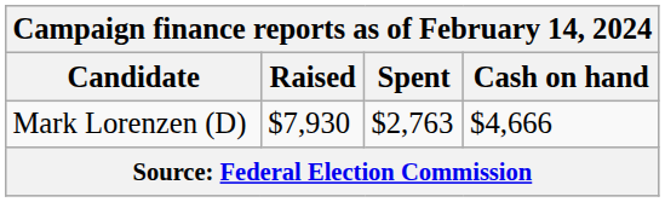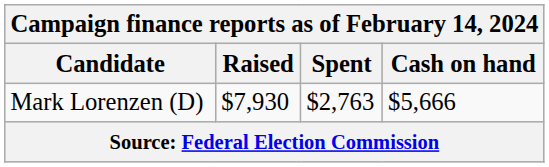 <table class="wikitable sortable">
 <tr>
 <th colspan=4>Campaign finance reports as of February 14, 2024</th>
 </tr>
 <tr style="text-align:center;">
 <th>Candidate</th>
 <th>Raised</th>
 <th>Spent</th>
 <th>Cash on hand</th>
 </tr>
 <tr>
 <td style="color:black;background-color:">Mark Lorenzen (D)</td>
 <td>$7,930</td>
 <td>$2,763</td>
-<td>$4,666</td>
+<td>$5,666</td>
 </tr>
 <tr>
 <th colspan="4"><small>Source: <a href='#'>Federal Election Commission</a></small></th>
 </tr>
 </table>
